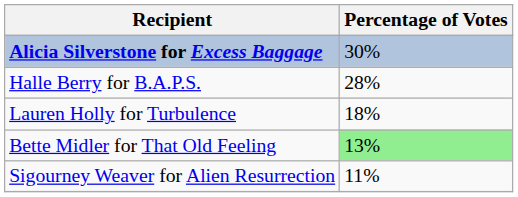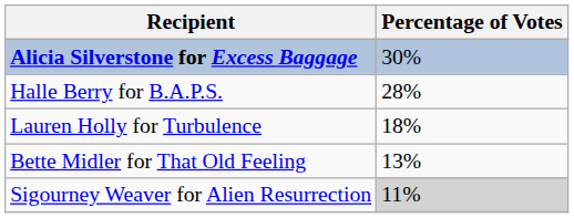 <table class="wikitable sortable plainrowheaders">
 <tr>
 <th>Recipient</th>
 <th>Percentage of Votes</th>
 </tr>
 <tr>
 </tr>
 <tr style="background:#B0C4DE;">
 <td><strong><a href='#'>Alicia Silverstone</a> for <em><a href='#'>Excess Baggage</a><strong><em></td>
 <td></strong>30%<strong></td>
 </tr>
 <tr>
 <td><a href='#'>Halle Berry</a> for </em><a href='#'>B.A.P.S.</a><em></td>
 <td>28%</td>
 </tr>
 <tr>
 <td><a href='#'>Lauren Holly</a> for </em><a href='#'>Turbulence</a><em></td>
 <td>18%</td>
 </tr>
 <tr>
 <td><a href='#'>Bette Midler</a> for </em><a href='#'>That Old Feeling</a><em></td>
-<td style="background: lightgreen;">13%</td>
+<td>13%</td>
 </tr>
 <tr>
 <td><a href='#'>Sigourney Weaver</a> for </em><a href='#'>Alien Resurrection</a><em></td>
-<td>11%</td>
+<td style="background: lightgrey;">11%</td>
 </tr>
 <tr>
 </tr>
 </table>
